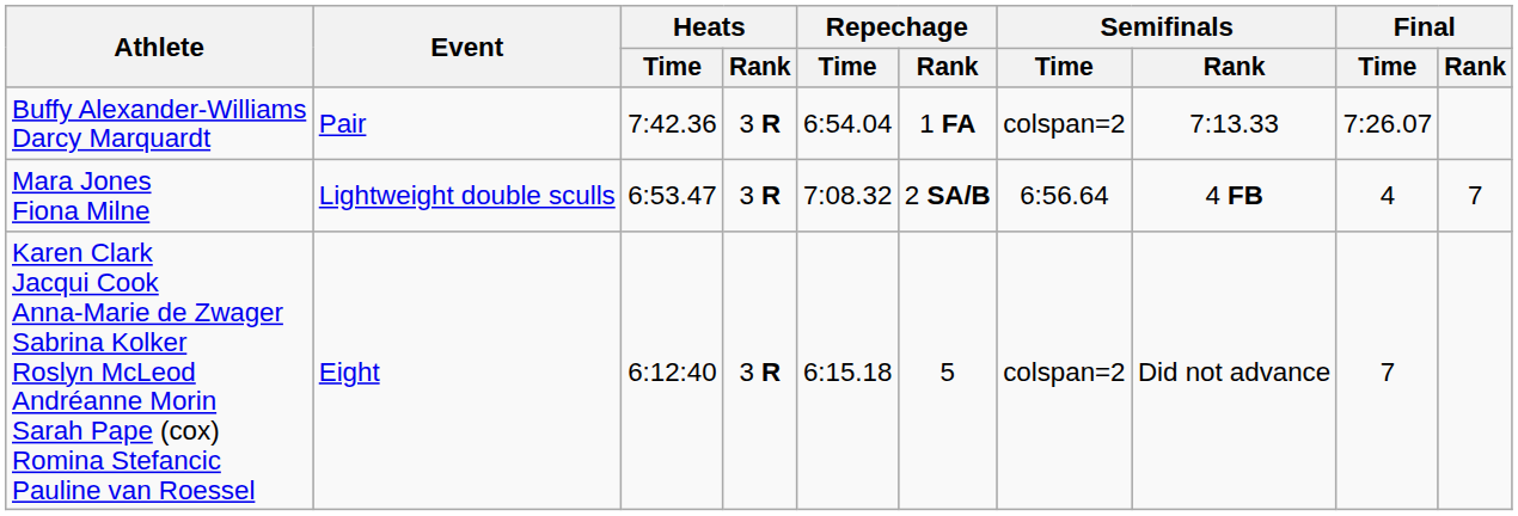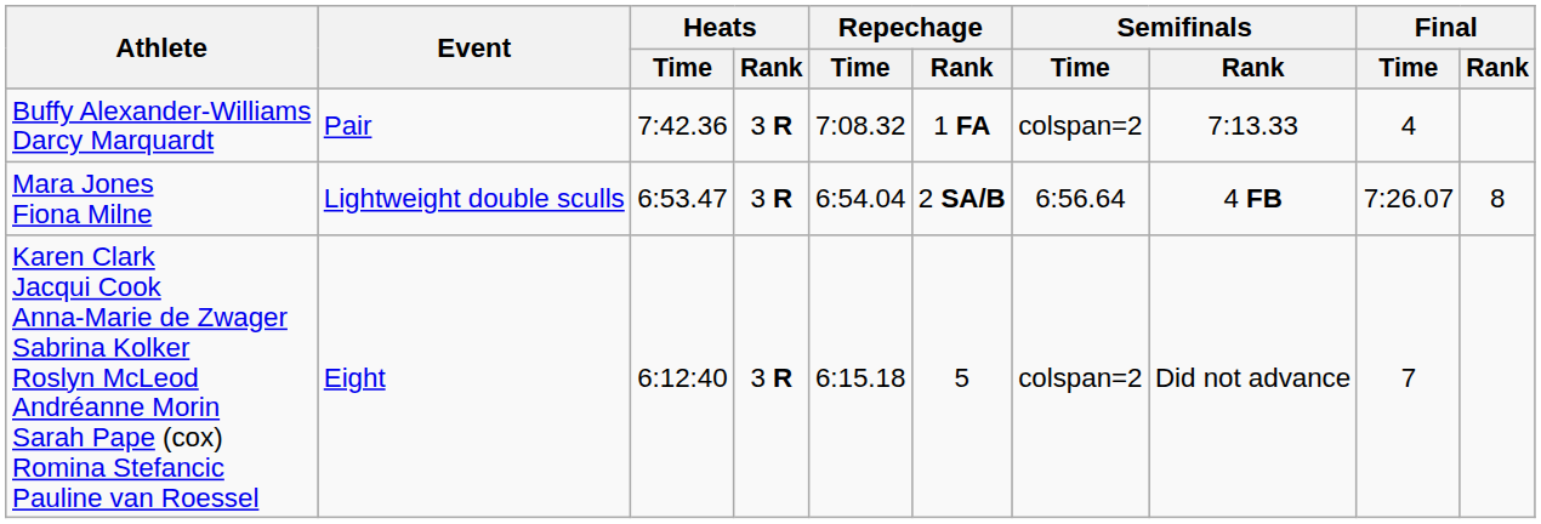 <table class="wikitable" style="font-size:90%;">
 <tr>
 <th rowspan="2">Athlete</th>
 <th rowspan="2">Event</th>
 <th colspan="2">Heats</th>
 <th colspan="2">Repechage</th>
 <th colspan="2">Semifinals</th>
 <th colspan="2">Final</th>
 </tr>
 <tr style="font-size:95%">
 <th>Time</th>
 <th>Rank</th>
 <th>Time</th>
 <th>Rank</th>
 <th>Time</th>
 <th>Rank</th>
 <th>Time</th>
 <th>Rank</th>
 </tr>
 <tr align=center>
 <td align=left><a href='#'>Buffy Alexander-Williams</a><br><a href='#'>Darcy Marquardt</a></td>
 <td align=left><a href='#'>Pair</a></td>
 <td>7:42.36</td>
 <td>3 <strong>R</strong></td>
-<td>6:54.04</td>
+<td>7:08.32</td>
 <td>1 <strong>FA</strong></td>
 <td>colspan=2 </td>
 <td>7:13.33</td>
-<td>7:26.07</td>
+<td>4</td>
 </tr>
 <tr align=center>
 <td align=left><a href='#'>Mara Jones</a><br><a href='#'>Fiona Milne</a></td>
 <td align=left><a href='#'>Lightweight double sculls</a></td>
 <td>6:53.47</td>
 <td>3 <strong>R</strong></td>
-<td>7:08.32</td>
+<td>6:54.04</td>
 <td>2 <strong>SA/B</strong></td>
 <td>6:56.64</td>
 <td>4 <strong>FB</strong></td>
-<td>4</td>
-<td>7</td>
+<td>7:26.07</td>
+<td>8</td>
 </tr>
 <tr align=center>
 <td align=left><a href='#'>Karen Clark</a><br><a href='#'>Jacqui Cook</a><br><a href='#'>Anna-Marie de Zwager</a><br><a href='#'>Sabrina Kolker</a><br><a href='#'>Roslyn McLeod</a><br><a href='#'>Andréanne Morin</a><br><a href='#'>Sarah Pape</a> (cox)<br><a href='#'>Romina Stefancic</a><br><a href='#'>Pauline van Roessel</a></td>
 <td align=left><a href='#'>Eight</a></td>
 <td>6:12:40</td>
 <td>3 <strong>R</strong></td>
 <td>6:15.18</td>
 <td>5</td>
 <td>colspan=2 </td>
 <td>Did not advance</td>
 <td>7</td>
 </tr>
 </table>
